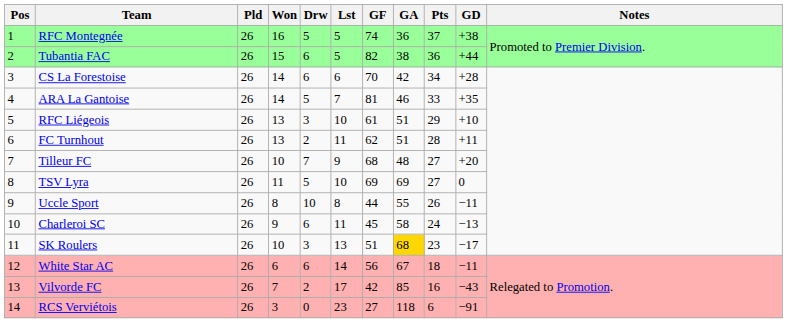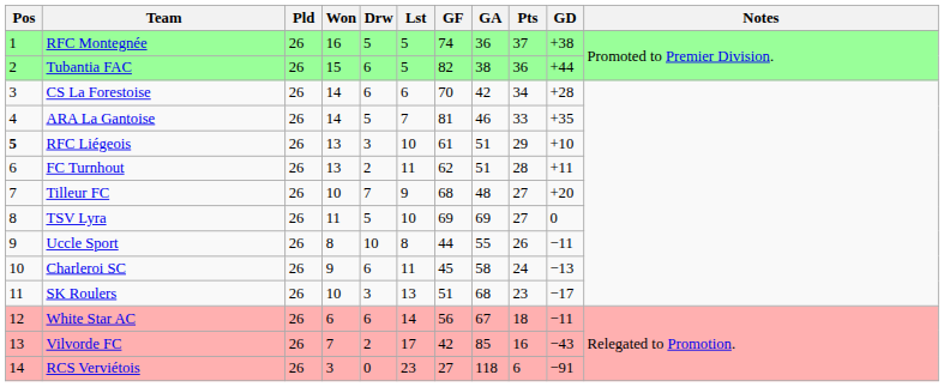 <table class="wikitable" width=70% style="font-size:90%">
 <tr>
 <th width=4%><strong>Pos</strong></th>
 <th width=26%><strong>Team</strong></th>
 <th width=4%><strong>Pld</strong></th>
 <th width=4%><strong>Won</strong></th>
 <th width=4%><strong>Drw</strong></th>
 <th width=4%><strong>Lst</strong></th>
 <th width=4%><strong>GF</strong></th>
 <th width=4%><strong>GA</strong></th>
 <th width=4%><strong>Pts</strong></th>
 <th width=4%><strong>GD</strong></th>
 <th width=38%><strong>Notes</strong></th>
 </tr>
 <tr bgcolor=#99ff99>
 <td>1</td>
 <td><a href='#'>RFC Montegnée</a></td>
 <td>26</td>
 <td>16</td>
 <td>5</td>
 <td>5</td>
 <td>74</td>
 <td>36</td>
 <td>37</td>
 <td>+38</td>
 <td rowspan=2>Promoted to <a href='#'>Premier Division</a>.</td>
 </tr>
 <tr bgcolor=#99ff99>
 <td>2</td>
 <td><a href='#'>Tubantia FAC</a></td>
 <td>26</td>
 <td>15</td>
 <td>6</td>
 <td>5</td>
 <td>82</td>
 <td>38</td>
 <td>36</td>
 <td>+44</td>
 </tr>
 <tr>
 <td>3</td>
 <td><a href='#'>CS La Forestoise</a></td>
 <td>26</td>
 <td>14</td>
 <td>6</td>
 <td>6</td>
 <td>70</td>
 <td>42</td>
 <td>34</td>
 <td>+28</td>
 </tr>
 <tr>
 <td>4</td>
 <td><a href='#'>ARA La Gantoise</a></td>
 <td>26</td>
 <td>14</td>
 <td>5</td>
 <td>7</td>
 <td>81</td>
 <td>46</td>
 <td>33</td>
 <td>+35</td>
 </tr>
 <tr>
-<td>5</td>
+<td><strong>5</strong></td>
 <td><a href='#'>RFC Liégeois</a></td>
 <td>26</td>
 <td>13</td>
 <td>3</td>
 <td>10</td>
 <td>61</td>
 <td>51</td>
 <td>29</td>
 <td>+10</td>
 </tr>
 <tr>
 <td>6</td>
 <td><a href='#'>FC Turnhout</a></td>
 <td>26</td>
 <td>13</td>
 <td>2</td>
 <td>11</td>
 <td>62</td>
 <td>51</td>
 <td>28</td>
 <td>+11</td>
 </tr>
 <tr>
 <td>7</td>
 <td><a href='#'>Tilleur FC</a></td>
 <td>26</td>
 <td>10</td>
 <td>7</td>
 <td>9</td>
 <td>68</td>
 <td>48</td>
 <td>27</td>
 <td>+20</td>
 </tr>
 <tr>
 <td>8</td>
 <td><a href='#'>TSV Lyra</a></td>
 <td>26</td>
 <td>11</td>
 <td>5</td>
 <td>10</td>
 <td>69</td>
 <td>69</td>
 <td>27</td>
 <td>0</td>
 </tr>
 <tr>
 <td>9</td>
 <td><a href='#'>Uccle Sport</a></td>
 <td>26</td>
 <td>8</td>
 <td>10</td>
 <td>8</td>
 <td>44</td>
 <td>55</td>
 <td>26</td>
 <td>−11</td>
 </tr>
 <tr>
 <td>10</td>
 <td><a href='#'>Charleroi SC</a></td>
 <td>26</td>
 <td>9</td>
 <td>6</td>
 <td>11</td>
 <td>45</td>
 <td>58</td>
 <td>24</td>
 <td>−13</td>
 </tr>
 <tr>
 <td>11</td>
 <td><a href='#'>SK Roulers</a></td>
 <td>26</td>
 <td>10</td>
 <td>3</td>
 <td>13</td>
 <td>51</td>
-<td style="background: gold;">68</td>
+<td>68</td>
 <td>23</td>
 <td>−17</td>
 </tr>
 <tr bgcolor=#ffb0b0>
 <td>12</td>
 <td><a href='#'>White Star AC</a></td>
 <td>26</td>
 <td>6</td>
 <td>6</td>
 <td>14</td>
 <td>56</td>
 <td>67</td>
 <td>18</td>
 <td>−11</td>
 <td rowspan=3>Relegated to <a href='#'>Promotion</a>.</td>
 </tr>
 <tr bgcolor=#ffb0b0>
 <td>13</td>
 <td><a href='#'>Vilvorde FC</a></td>
 <td>26</td>
 <td>7</td>
 <td>2</td>
 <td>17</td>
 <td>42</td>
 <td>85</td>
 <td>16</td>
 <td>−43</td>
 </tr>
 <tr bgcolor=#ffb0b0>
 <td>14</td>
 <td><a href='#'>RCS Verviétois</a></td>
 <td>26</td>
 <td>3</td>
 <td>0</td>
 <td>23</td>
 <td>27</td>
 <td>118</td>
 <td>6</td>
 <td>−91</td>
 </tr>
 </table>
